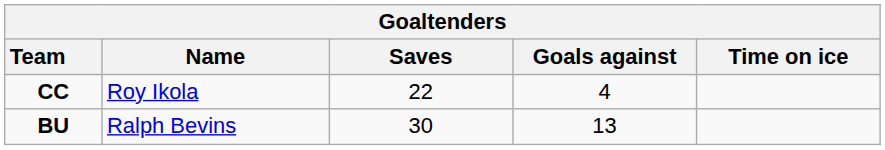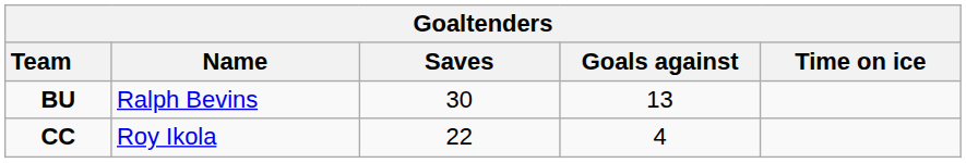 <table class="wikitable" style="width:40em; text-align:right;">
 <tr>
 <th colspan=5>Goaltenders</th>
 </tr>
 <tr>
 <th style="width:4em; text-align:left;">Team</th>
 <th style="width:10em;">Name</th>
 <th style="width:8em;">Saves</th>
 <th style="width:8em;">Goals against</th>
 <th style="width:8em;">Time on ice</th>
 </tr>
 <tr>
+<td align=center><strong>BU</strong></td>
+<td style="text-align:left;"><a href='#'>Ralph Bevins</a></td>
+<td align=center>30</td>
+<td align=center>13</td>
+<td align=center></td>
+</tr>
+<tr>
 <td align=center><strong>CC</strong></td>
 <td style="text-align:left;"><a href='#'>Roy Ikola</a></td>
 <td align=center>22</td>
 <td align=center>4</td>
 <td align=center></td>
 </tr>
-<tr>
-<td align=center><strong>BU</strong></td>
-<td style="text-align:left;"><a href='#'>Ralph Bevins</a></td>
-<td align=center>30</td>
-<td align=center>13</td>
-<td align=center></td>
-</tr>
 </table>
